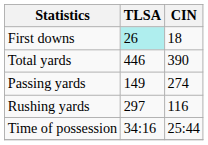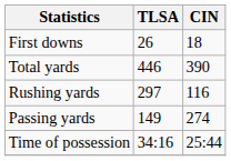 <table class="wikitable">
 <tr>
 <th>Statistics</th>
 <th>TLSA</th>
 <th>CIN</th>
 </tr>
 <tr>
 <td>First downs</td>
-<td style="background: paleturquoise;">26</td>
+<td>26</td>
 <td>18</td>
 </tr>
 <tr>
 <td>Total yards</td>
 <td>446</td>
 <td>390</td>
 </tr>
 <tr>
+<td>Rushing yards</td>
+<td>297</td>
+<td>116</td>
+</tr>
+<tr>
 <td>Passing yards</td>
 <td>149</td>
 <td>274</td>
-</tr>
-<tr>
-<td>Rushing yards</td>
-<td>297</td>
-<td>116</td>
 </tr>
 <tr>
 <td>Time of possession</td>
 <td>34:16</td>
 <td>25:44</td>
 </tr>
 <tr>
 </tr>
 </table>
